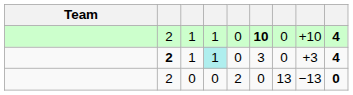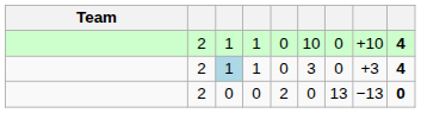 <table class="wikitable" style="text-align:center;">
 <tr>
 <th width=175>Team</th>
 <th width=20></th>
 <th width=20></th>
 <th width=20></th>
 <th width=20></th>
 <th width=20></th>
 <th width=20></th>
 <th width=20></th>
 <th width=20></th>
 </tr>
 <tr bgcolor=ccffcc>
 <td align="left"></td>
 <td>2</td>
 <td>1</td>
 <td>1</td>
 <td>0</td>
-<td><strong>10</strong></td>
+<td>10</td>
 <td>0</td>
 <td>+10</td>
 <td><strong>4</strong></td>
 </tr>
 <tr>
 <td align="left"></td>
-<td><strong>2</strong></td>
+<td>2</td>
+<td style="background: lightblue;">1</td>
 <td>1</td>
-<td style="background: paleturquoise;">1</td>
 <td>0</td>
 <td>3</td>
 <td>0</td>
 <td>+3</td>
 <td><strong>4</strong></td>
 </tr>
 <tr>
 <td align="left"></td>
 <td>2</td>
 <td>0</td>
 <td>0</td>
 <td>2</td>
 <td>0</td>
 <td>13</td>
 <td>−13</td>
 <td><strong>0</strong></td>
 </tr>
 </table>
